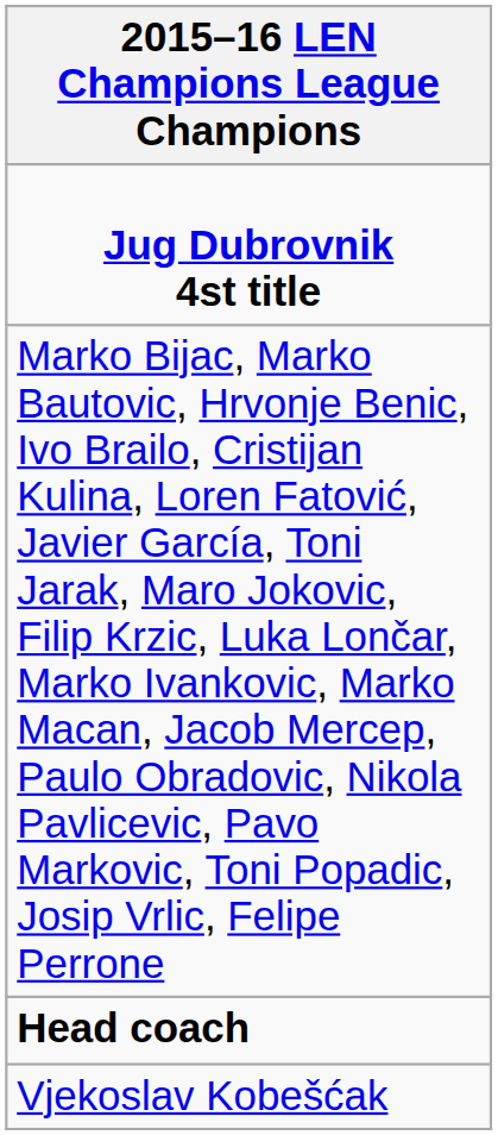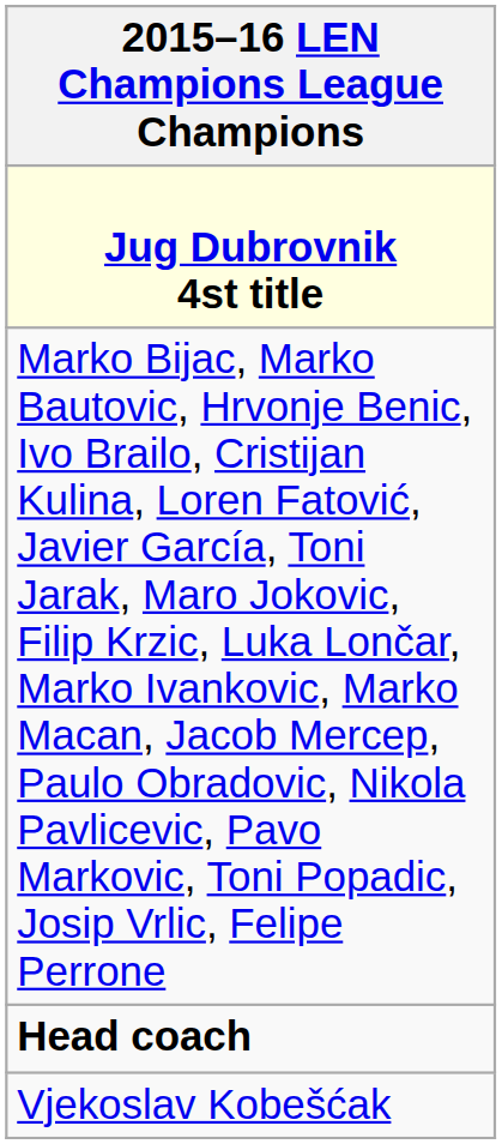 <table class="wikitable" style="margin: 0 auto; width: 30%;">
 <tr>
 <th>2015–16 <a href='#'>LEN Champions League</a><br>Champions</th>
 </tr>
 <tr>
-<td align="center"><br><strong><a href='#'>Jug Dubrovnik</a></strong><br><strong>4st title</strong></td>
+<td align="center" style="background: lightyellow;"><br><strong><a href='#'>Jug Dubrovnik</a></strong><br><strong>4st title</strong></td>
 </tr>
 <tr>
 <td><a href='#'>Marko Bijac</a>, <a href='#'>Marko Bautovic</a>, <a href='#'>Hrvonje Benic</a>, <a href='#'>Ivo Brailo</a>, <a href='#'>Cristijan Kulina</a>, <a href='#'>Loren Fatović</a>, <a href='#'>Javier García</a>, <a href='#'>Toni Jarak</a>, <a href='#'>Maro Jokovic</a>, <a href='#'>Filip Krzic</a>, <a href='#'>Luka Lončar</a>, <a href='#'>Marko Ivankovic</a>, <a href='#'>Marko Macan</a>, <a href='#'>Jacob Mercep</a>, <a href='#'>Paulo Obradovic</a>, <a href='#'>Nikola Pavlicevic</a>, <a href='#'>Pavo Markovic</a>, <a href='#'>Toni Popadic</a>, <a href='#'>Josip Vrlic</a>, <a href='#'>Felipe Perrone</a></td>
 </tr>
 <tr>
 <td><strong>Head coach</strong></td>
 </tr>
 <tr>
 <td><a href='#'>Vjekoslav Kobešćak</a></td>
 </tr>
 </table>
